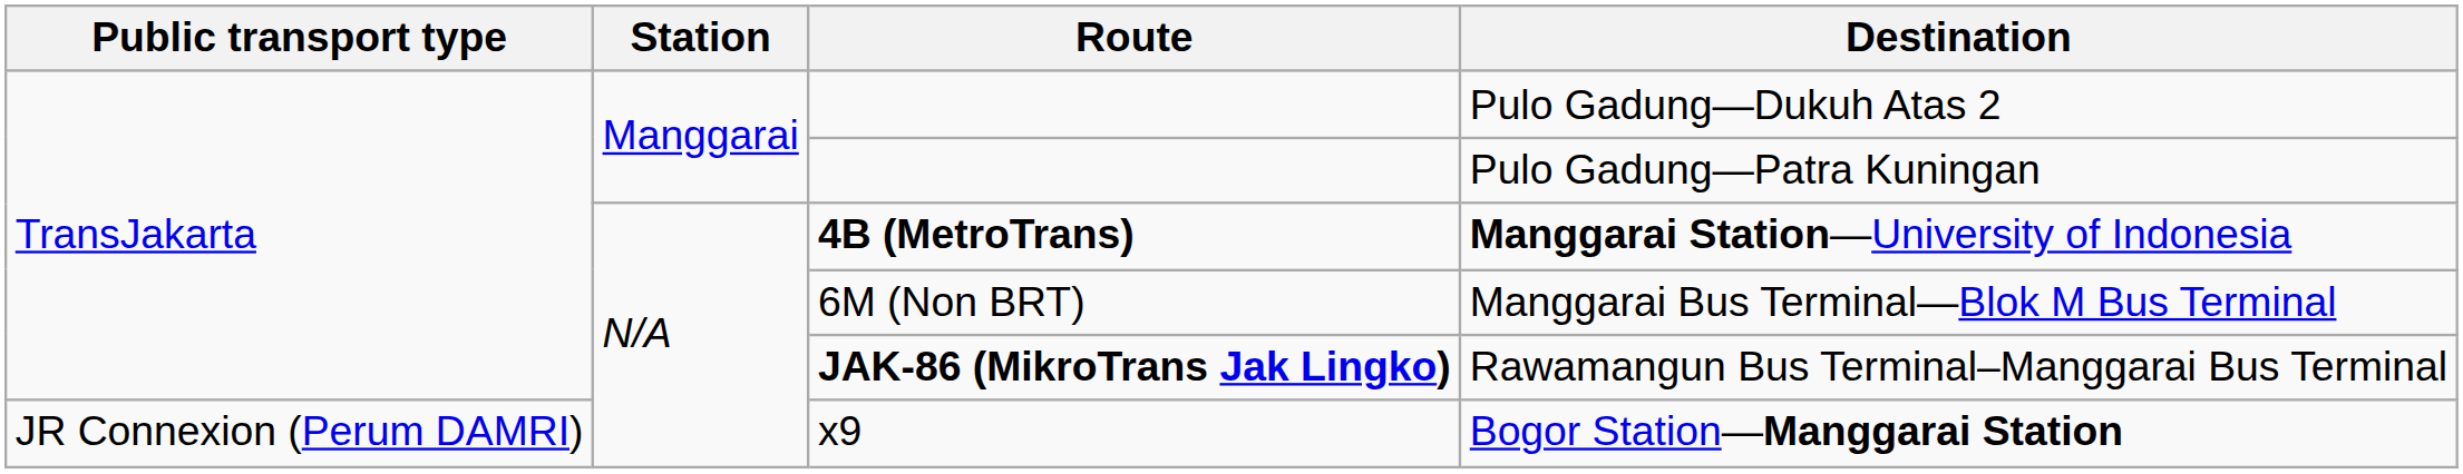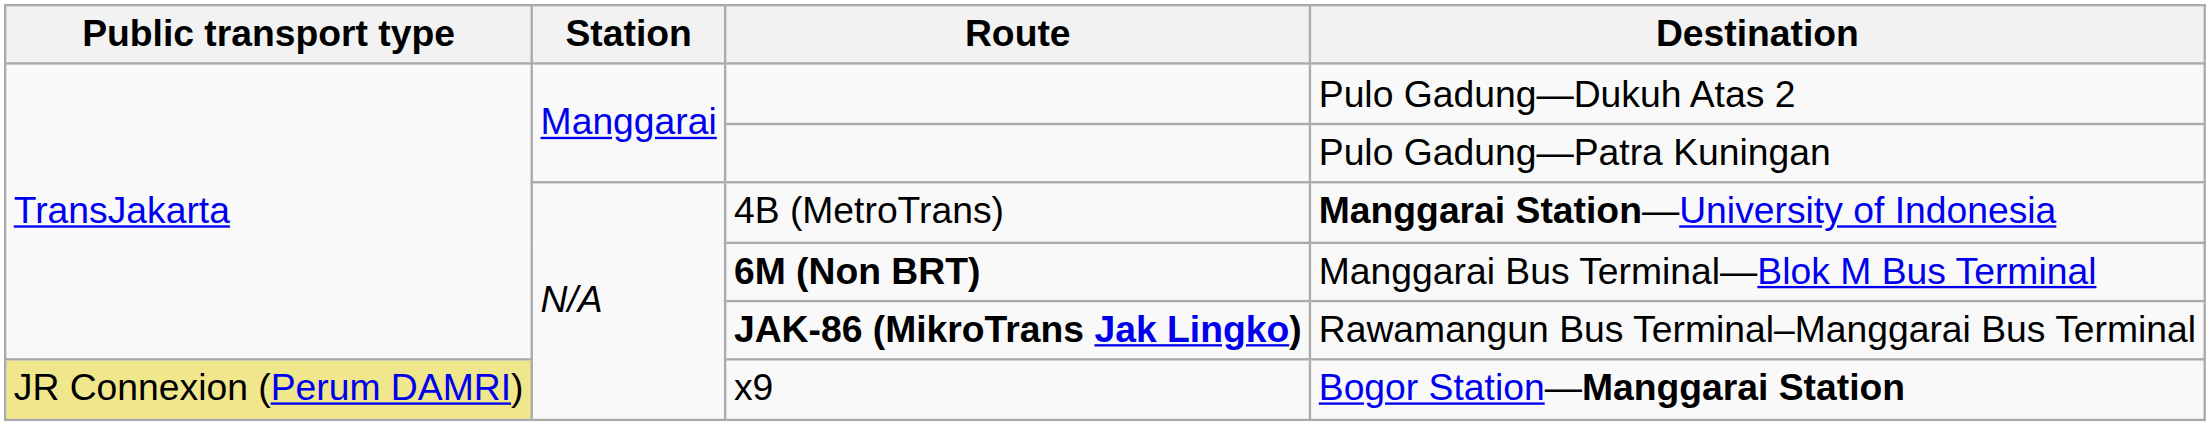 <table class="wikitable">
 <tr>
 <th>Public transport type</th>
 <th>Station</th>
 <th>Route</th>
 <th>Destination</th>
 </tr>
 <tr>
 <td rowspan="5"><a href='#'>TransJakarta</a></td>
 <td rowspan="2"><a href='#'>Manggarai</a></td>
 <td></td>
 <td>Pulo Gadung—Dukuh Atas 2</td>
 </tr>
 <tr>
 <td></td>
 <td>Pulo Gadung—Patra Kuningan</td>
 </tr>
 <tr>
 <td rowspan="4"><em>N/A</em></td>
-<td><strong>4B (MetroTrans)</strong></td>
+<td>4B (MetroTrans)</td>
 <td><strong>Manggarai Station</strong>—<a href='#'>University of Indonesia</a></td>
 </tr>
 <tr>
-<td>6M (Non BRT)</td>
+<td><strong>6M (Non BRT)</strong></td>
 <td>Manggarai Bus Terminal—<a href='#'>Blok M Bus Terminal</a></td>
 </tr>
 <tr>
 <td><strong>JAK-86 (MikroTrans <a href='#'>Jak Lingko</a>)</strong></td>
 <td>Rawamangun Bus Terminal–Manggarai Bus Terminal</td>
 </tr>
 <tr>
-<td>JR Connexion (<a href='#'>Perum DAMRI</a>)</td>
+<td style="background: khaki;">JR Connexion (<a href='#'>Perum DAMRI</a>)</td>
 <td>x9</td>
 <td><a href='#'>Bogor Station</a>—<strong>Manggarai Station</strong></td>
 </tr>
 </table>
